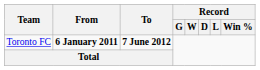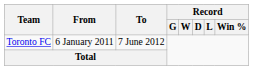 <table class="wikitable" style="text-align: center">
 <tr>
 <th rowspan="2">Team</th>
 <th rowspan="2">From</th>
 <th rowspan="2">To</th>
 <th colspan="6">Record</th>
 </tr>
 <tr>
 <th>G</th>
 <th>W</th>
 <th>D</th>
 <th>L</th>
 <th>Win %</th>
 </tr>
 <tr>
 <td align=left><a href='#'>Toronto FC</a></td>
-<td align=left><strong>6 January 2011</strong></td>
-<td align=left><strong>7 June 2012<br></strong></td>
+<td align=left>6 January 2011</td>
+<td align=left>7 June 2012<br></td>
 </tr>
 <tr>
 <th colspan="3">Total<br></th>
 </tr>
 </table>
